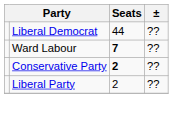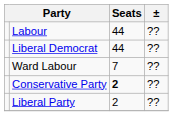 <table class="wikitable">
 <tr>
 <th colspan="2">Party</th>
 <th>Seats</th>
 <th>  ±  </th>
+</tr>
+<tr>
+<td style="background-color: "></td>
+<td><a href='#'>Labour</a></td>
+<td>44</td>
+<td>??</td>
 </tr>
 <tr>
 <td style="background-color: "></td>
 <td><a href='#'>Liberal Democrat</a></td>
 <td>44</td>
 <td>??</td>
 </tr>
 <tr>
 <td style="background-color: "></td>
 <td>Ward Labour</td>
-<td><strong>7</strong></td>
+<td>7</td>
 <td>??</td>
 </tr>
 <tr>
 <td style="background-color: "></td>
 <td><a href='#'>Conservative Party</a></td>
 <td><strong>2</strong></td>
 <td>??</td>
 </tr>
 <tr>
 <td style="background-color: "></td>
 <td><a href='#'>Liberal Party</a></td>
 <td>2</td>
 <td>??</td>
 </tr>
 <tr>
 </tr>
 </table>
